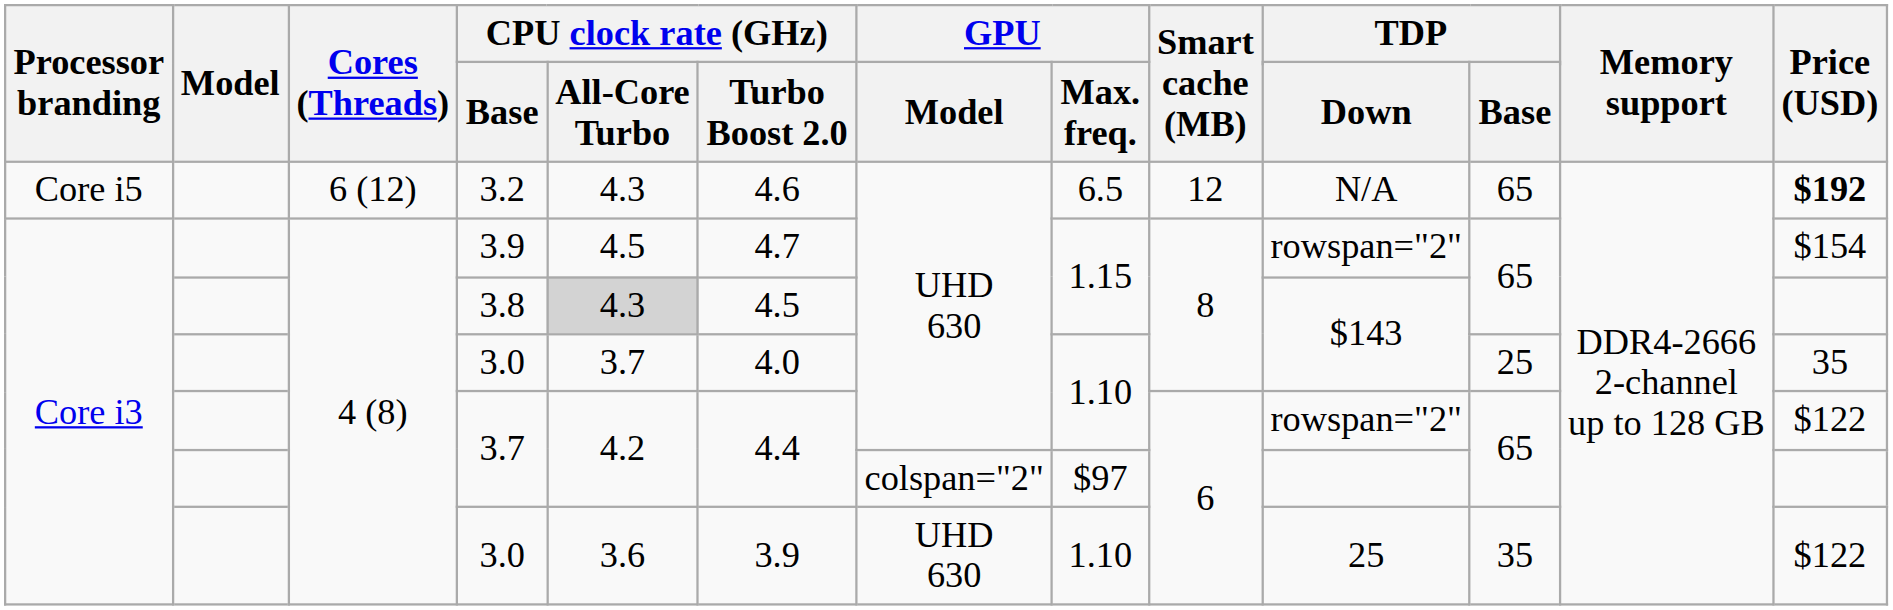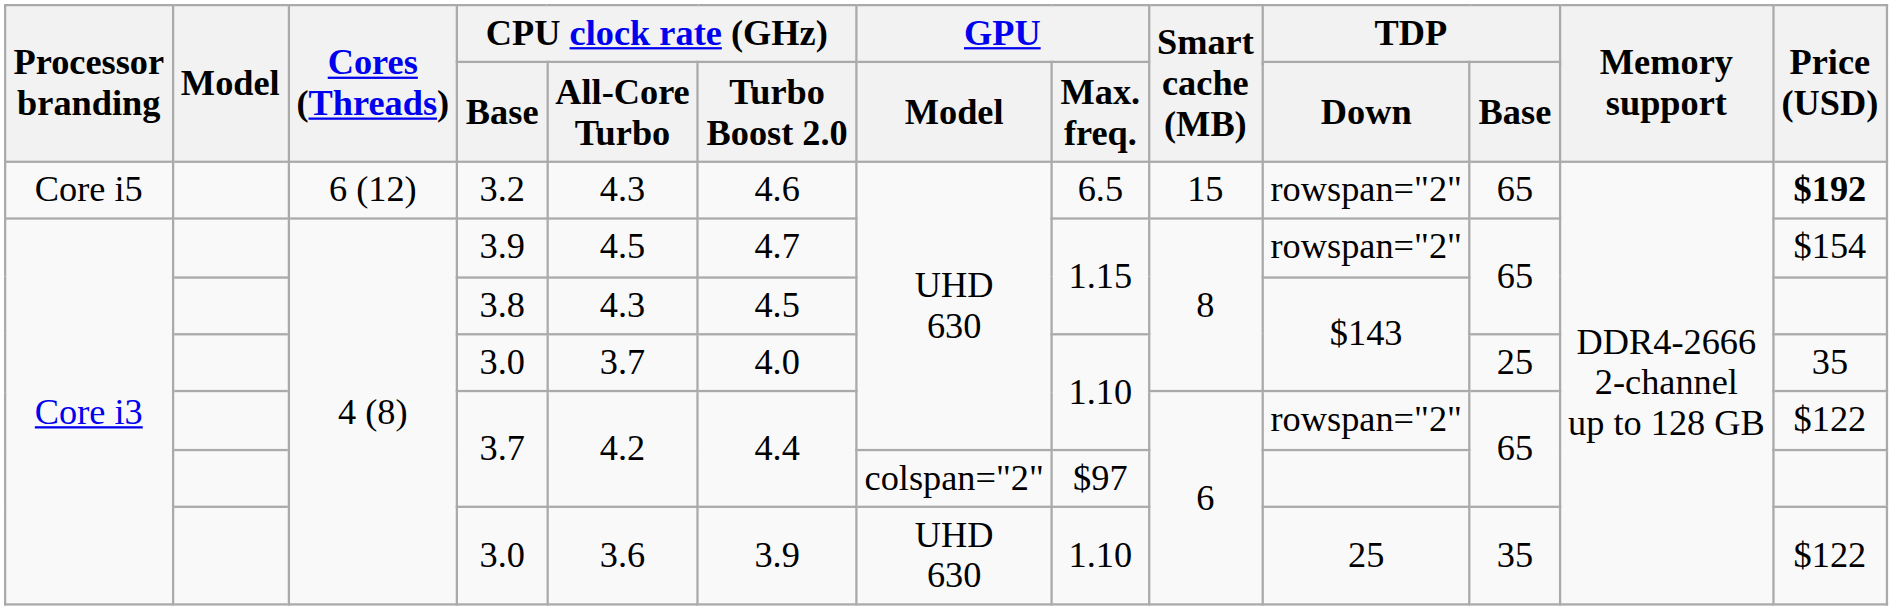 <table class="wikitable sortable" style="text-align: center;">
 <tr>
 <th rowspan="3">Processor<br>branding</th>
 <th rowspan="3">Model</th>
 <th rowspan="3"><a href='#'>Cores</a><br>(<a href='#'>Threads</a>)</th>
 <th colspan="3">CPU <a href='#'>clock rate</a> (GHz)</th>
 <th colspan="2"><a href='#'>GPU</a></th>
 <th rowspan="3">Smart<br>cache<br>(MB)</th>
 <th colspan="2" rowspan="2">TDP</th>
 <th rowspan="3">Memory<br>support</th>
 <th rowspan="3">Price<br>(USD)</th>
 </tr>
 <tr>
 <th rowspan="2">Base</th>
 <th rowspan="2">All-Core<br>Turbo</th>
 <th rowspan="2">Turbo<br>Boost 2.0</th>
 <th rowspan="2">Model</th>
 <th rowspan="2">Max.<br>freq.</th>
 </tr>
 <tr>
 <th>Down</th>
 <th>Base</th>
 </tr>
 <tr>
 <td>Core i5</td>
 <td></td>
 <td>6 (12)</td>
 <td>3.2</td>
 <td>4.3</td>
 <td>4.6</td>
 <td rowspan="5">UHD<br>630</td>
 <td>6.5</td>
-<td>12</td>
-<td>N/A</td>
+<td>15</td>
+<td>rowspan="2" </td>
 <td>65</td>
 <td rowspan="7">DDR4-2666<br>2-channel<br>up to 128 GB</td>
 <td><strong>$192</strong></td>
 </tr>
 <tr>
 <td rowspan="6"><a href='#'>Core i3</a></td>
 <td></td>
 <td rowspan="6">4 (8)</td>
 <td>3.9</td>
 <td>4.5</td>
 <td>4.7</td>
 <td rowspan="2">1.15</td>
 <td rowspan="3">8</td>
 <td>rowspan="2" </td>
 <td rowspan="2">65</td>
 <td>$154</td>
 </tr>
 <tr>
 <td></td>
 <td>3.8</td>
-<td style="background: lightgrey;">4.3</td>
+<td>4.3</td>
 <td>4.5</td>
 <td rowspan="2">$143</td>
 </tr>
 <tr>
 <td></td>
 <td>3.0</td>
 <td>3.7</td>
 <td>4.0</td>
 <td rowspan="2">1.10</td>
 <td>25</td>
 <td>35</td>
 </tr>
 <tr>
 <td></td>
 <td rowspan="2">3.7</td>
 <td rowspan="2">4.2</td>
 <td rowspan="2">4.4</td>
 <td rowspan="3">6</td>
 <td>rowspan="2" </td>
 <td rowspan="2">65</td>
 <td>$122</td>
 </tr>
 <tr>
 <td></td>
 <td>colspan="2" </td>
 <td>$97</td>
 </tr>
 <tr>
 <td></td>
 <td>3.0</td>
 <td>3.6</td>
 <td>3.9</td>
 <td>UHD<br>630</td>
 <td>1.10</td>
 <td>25</td>
 <td>35</td>
 <td>$122</td>
 </tr>
 </table>
